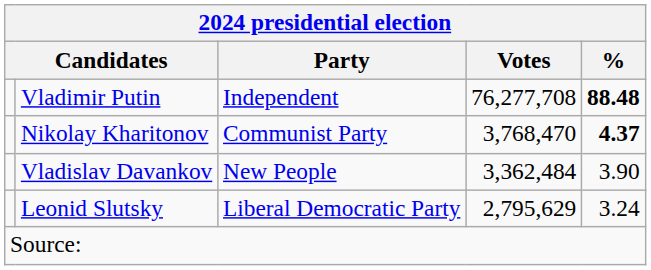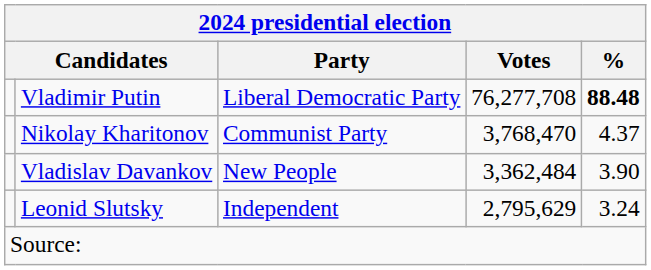 <table class=wikitable style=text-align:right>
 <tr>
 <th colspan=5><a href='#'>2024 presidential election</a></th>
 </tr>
 <tr>
 <th colspan=2>Candidates</th>
 <th>Party</th>
 <th>Votes</th>
 <th>%</th>
 </tr>
 <tr>
 <td style="background:"></td>
 <td align="left"><a href='#'>Vladimir Putin</a></td>
-<td align="left"><a href='#'>Independent</a></td>
+<td align=left><a href='#'>Liberal Democratic Party</a></td>
 <td>76,277,708</td>
 <td><strong>88.48</strong></td>
 </tr>
 <tr>
 <td style="background:"></td>
 <td align=left><a href='#'>Nikolay Kharitonov</a></td>
 <td align=left><a href='#'>Communist Party</a></td>
 <td>3,768,470</td>
-<td><strong>4.37</strong></td>
+<td>4.37</td>
 </tr>
 <tr>
 <td style="background:"></td>
 <td align="left"><a href='#'>Vladislav Davankov</a></td>
 <td align="left"><a href='#'>New People</a></td>
 <td>3,362,484</td>
 <td>3.90</td>
 </tr>
 <tr>
 <td style="background:"></td>
 <td align=left><a href='#'>Leonid Slutsky</a></td>
-<td align=left><a href='#'>Liberal Democratic Party</a></td>
+<td align="left"><a href='#'>Independent</a></td>
 <td>2,795,629</td>
 <td>3.24</td>
 </tr>
 <tr>
 <td align=left colspan=5>Source:  </td>
 </tr>
 </table>
